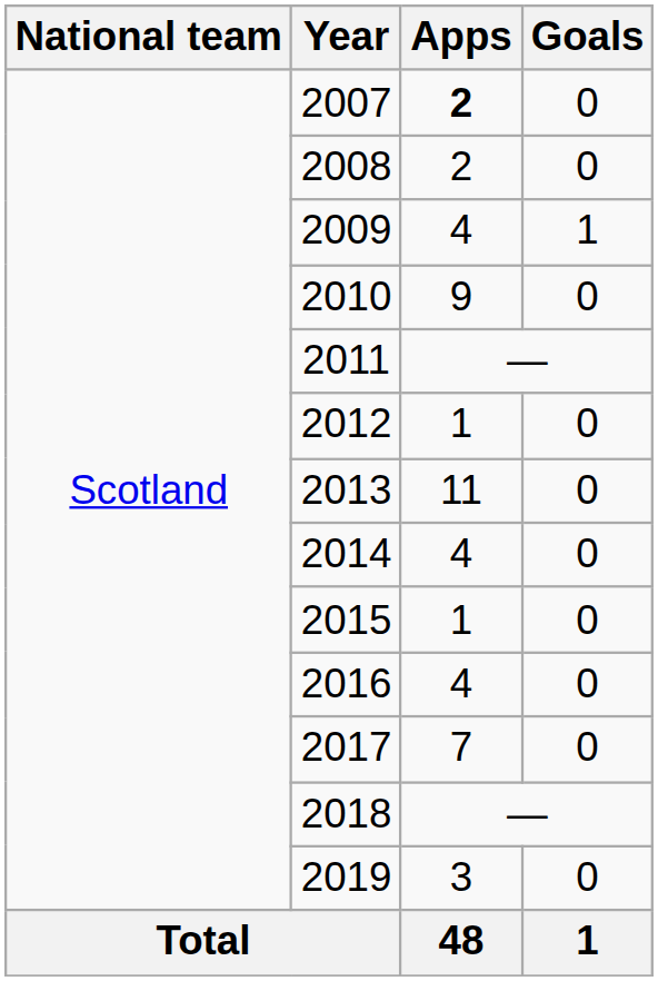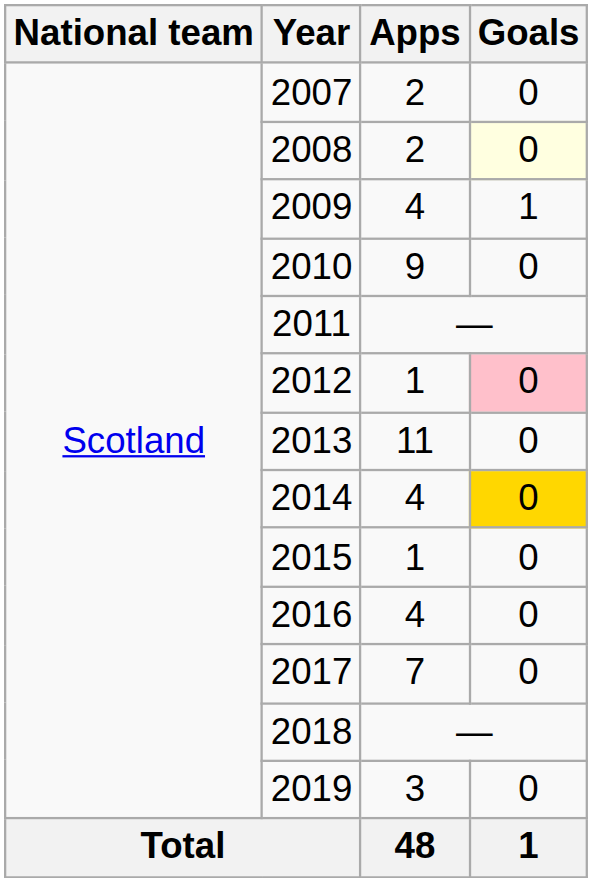 <table class=wikitable style="text-align:center">
 <tr>
 <th>National team</th>
 <th>Year</th>
 <th>Apps</th>
 <th>Goals</th>
 </tr>
 <tr>
 <td rowspan="13"><a href='#'>Scotland</a></td>
 <td>2007</td>
-<td><strong>2</strong></td>
+<td>2</td>
 <td>0</td>
 </tr>
 <tr>
 <td>2008</td>
 <td>2</td>
-<td>0</td>
+<td style="background: lightyellow;">0</td>
 </tr>
 <tr>
 <td>2009</td>
 <td>4</td>
 <td>1</td>
 </tr>
 <tr>
 <td>2010</td>
 <td>9</td>
 <td>0</td>
 </tr>
 <tr>
 <td>2011</td>
 <td colspan=2>—</td>
 </tr>
 <tr>
 <td>2012</td>
 <td>1</td>
-<td>0</td>
+<td style="background: pink;">0</td>
 </tr>
 <tr>
 <td>2013</td>
 <td>11</td>
 <td>0</td>
 </tr>
 <tr>
 <td>2014</td>
 <td>4</td>
-<td>0</td>
+<td style="background: gold;">0</td>
 </tr>
 <tr>
 <td>2015</td>
 <td>1</td>
 <td>0</td>
 </tr>
 <tr>
 <td>2016</td>
 <td>4</td>
 <td>0</td>
 </tr>
 <tr>
 <td>2017</td>
 <td>7</td>
 <td>0</td>
 </tr>
 <tr>
 <td>2018</td>
 <td colspan=2>—</td>
 </tr>
 <tr>
 <td>2019</td>
 <td>3</td>
 <td>0</td>
 </tr>
 <tr>
 <th colspan=2>Total</th>
 <th>48</th>
 <th>1</th>
 </tr>
 <tr>
 </tr>
 </table>
